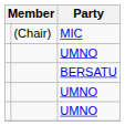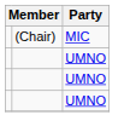 <table class="sortable wikitable">
 <tr>
 <th colspan="2" valign="top">Member</th>
 <th valign="top">Party</th>
 </tr>
 <tr>
 <td></td>
 <td> (Chair)</td>
 <td><a href='#'>MIC</a></td>
 </tr>
 <tr>
 <td></td>
 <td></td>
 <td><a href='#'>UMNO</a></td>
 </tr>
 <tr>
 <td></td>
 <td></td>
-<td><a href='#'>BERSATU</a></td>
-</tr>
-<tr>
-<td></td>
-<td></td>
 <td><a href='#'>UMNO</a></td>
 </tr>
 <tr>
 <td></td>
 <td></td>
 <td><a href='#'>UMNO</a></td>
 </tr>
 <tr>
 </tr>
 </table>
